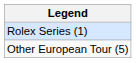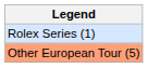 <table class="wikitable" style="font-size:95%;">
 <tr>
 <th>Legend</th>
 </tr>
 <tr style="background:#D6E8FF;">
 <td>Rolex Series (1)</td>
 </tr>
 <tr>
-<td>Other European Tour (5)</td>
+<td style="background: lightsalmon;">Other European Tour (5)</td>
 </tr>
 </table>
